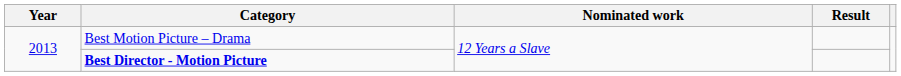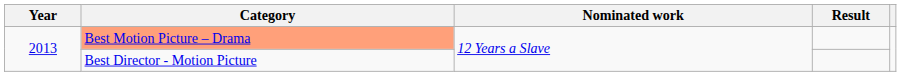 <table class=wikitable>
 <tr>
 <th scope="col" style="width:5em;">Year</th>
 <th scope="col" style="width:26em;">Category</th>
 <th scope="col" style="width:25em;">Nominated work</th>
 <th scope="col" style="width:5em;">Result</th>
 <th></th>
 </tr>
 <tr>
 <td style="text-align:center;", rowspan=2><a href='#'>2013</a></td>
-<td><a href='#'>Best Motion Picture – Drama</a></td>
+<td style="background: lightsalmon;"><a href='#'>Best Motion Picture – Drama</a></td>
 <td rowspan=2><em><a href='#'>12 Years a Slave</a></em></td>
 <td></td>
 <td rowspan=2></td>
 </tr>
 <tr>
-<td><strong><a href='#'>Best Director - Motion Picture</a></strong></td>
+<td><a href='#'>Best Director - Motion Picture</a></td>
 <td></td>
 </tr>
 </table>
